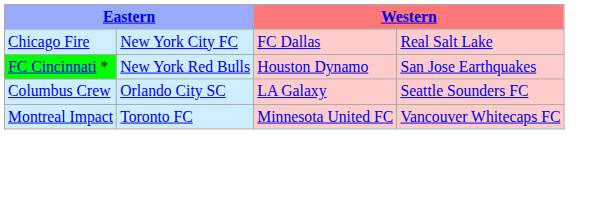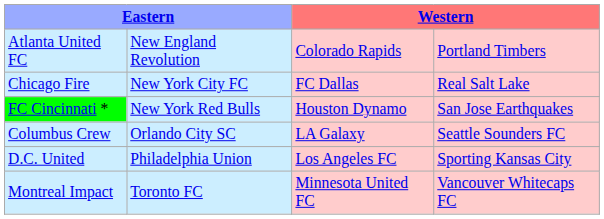 <table class="wikitable">
 <tr>
 <th colspan=2 style="background-color: #9AF;"><a href='#'>Eastern</a></th>
 <th colspan=2 style="background-color: #F77;"><a href='#'>Western</a></th>
+</tr>
+<tr>
+<td style="background-color: #CEF;"><a href='#'>Atlanta United FC</a></td>
+<td style="background-color: #CEF;"><a href='#'>New England Revolution</a></td>
+<td style="background-color: #FCC;"><a href='#'>Colorado Rapids</a></td>
+<td style="background-color: #FCC;"><a href='#'>Portland Timbers</a></td>
 </tr>
 <tr>
 <td style="background-color: #CEF;"><a href='#'>Chicago Fire</a></td>
 <td style="background-color: #CEF;"><a href='#'>New York City FC</a></td>
 <td style="background-color: #FCC;"><a href='#'>FC Dallas</a></td>
 <td style="background-color: #FCC;"><a href='#'>Real Salt Lake</a></td>
 </tr>
 <tr>
 <td style="background-color: #0F0;"><a href='#'>FC Cincinnati</a> *</td>
 <td style="background-color: #CEF;"><a href='#'>New York Red Bulls</a></td>
 <td style="background-color: #FCC;"><a href='#'>Houston Dynamo</a></td>
 <td style="background-color: #FCC;"><a href='#'>San Jose Earthquakes</a></td>
 </tr>
 <tr>
 <td style="background-color: #CEF;"><a href='#'>Columbus Crew</a></td>
 <td style="background-color: #CEF;"><a href='#'>Orlando City SC</a></td>
 <td style="background-color: #FCC;"><a href='#'>LA Galaxy</a></td>
 <td style="background-color: #FCC;"><a href='#'>Seattle Sounders FC</a></td>
 </tr>
 <tr>
+<td style="background-color: #CEF;"><a href='#'>D.C. United</a></td>
+<td style="background-color: #CEF;"><a href='#'>Philadelphia Union</a></td>
+<td style="background-color: #FCC;"><a href='#'>Los Angeles FC</a></td>
+<td style="background-color: #FCC;"><a href='#'>Sporting Kansas City</a></td>
+</tr>
+<tr>
 <td style="background-color: #CEF;"><a href='#'>Montreal Impact</a></td>
 <td style="background-color: #CEF;"><a href='#'>Toronto FC</a></td>
 <td style="background-color: #FCC;"><a href='#'>Minnesota United FC</a></td>
 <td style="background-color: #FCC;"><a href='#'>Vancouver Whitecaps FC</a></td>
 </tr>
 </table>
